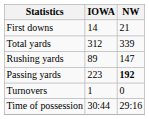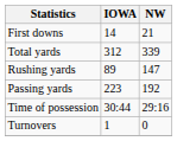 <table class="wikitable">
 <tr>
 <th>Statistics</th>
 <th>IOWA</th>
 <th>NW</th>
 </tr>
 <tr>
 <td>First downs</td>
 <td>14</td>
 <td>21</td>
 </tr>
 <tr>
 <td>Total yards</td>
 <td>312</td>
 <td>339</td>
 </tr>
 <tr>
 <td>Rushing yards</td>
 <td>89</td>
 <td>147</td>
 </tr>
 <tr>
 <td>Passing yards</td>
 <td>223</td>
-<td><strong>192</strong></td>
+<td>192</td>
+</tr>
+<tr>
+<td>Time of possession</td>
+<td>30:44</td>
+<td>29:16</td>
 </tr>
 <tr>
 <td>Turnovers</td>
 <td>1</td>
 <td>0</td>
 </tr>
 <tr>
-<td>Time of possession</td>
-<td>30:44</td>
-<td>29:16</td>
-</tr>
-<tr>
 </tr>
 </table>
